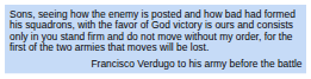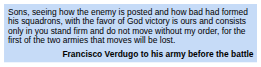 <table class="toccolours" style="float: right; margin-left: 1em; margin-right: 1em; font-size: 85%; background:#c6dbf7; color:black; width:30em; max-width: 40%;" cellspacing="5">
 <tr>
 <td style="text-align: left;">Sons, seeing how the enemy is posted and how bad had formed his squadrons, with the favor of God victory is ours and consists only in you stand firm and do not move without my order, for the first of the two armies that moves will be lost.</td>
 </tr>
 <tr>
-<td style="text-align: right;">Francisco Verdugo to his army before the battle</td>
+<td style="text-align: right;"><strong>Francisco Verdugo to his army before the battle</strong></td>
 </tr>
 </table>
